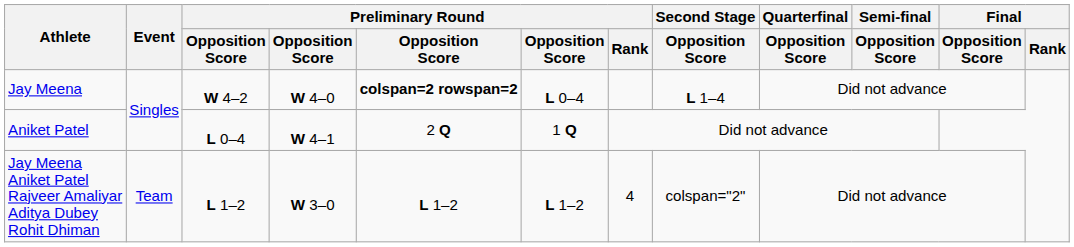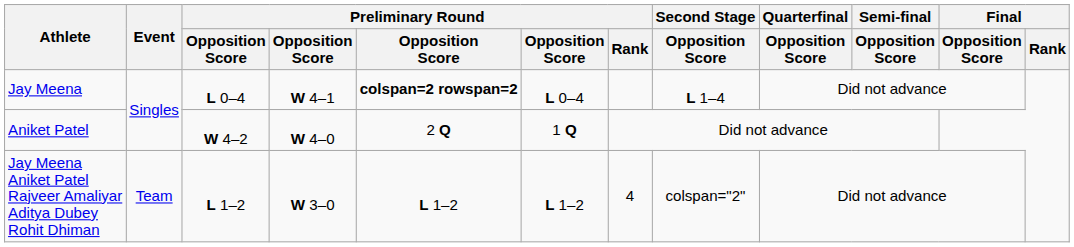 <table class=wikitable style=font-size:90%;text-align:center>
 <tr>
 <th rowspan="2">Athlete</th>
 <th rowspan="2">Event</th>
 <th colspan="5">Preliminary Round</th>
 <th>Second Stage</th>
 <th>Quarterfinal</th>
 <th>Semi-final</th>
 <th colspan="2">Final</th>
 </tr>
 <tr>
 <th>Opposition<br>Score</th>
 <th>Opposition<br>Score</th>
 <th>Opposition<br>Score</th>
 <th>Opposition<br>Score</th>
 <th>Rank</th>
 <th>Opposition<br>Score</th>
 <th>Opposition<br>Score</th>
 <th>Opposition<br>Score</th>
 <th>Opposition<br>Score</th>
 <th>Rank</th>
 </tr>
 <tr>
 <td align=left><a href='#'>Jay Meena</a></td>
 <td rowspan="2"><a href='#'>Singles</a></td>
-<td><br><strong>W</strong> 4–2</td>
-<td><br><strong>W</strong> 4–0</td>
+<td><br><strong>L</strong> 0–4</td>
+<td><br><strong>W</strong> 4–1</td>
 <td><strong>colspan=2 rowspan=2 </strong></td>
 <td><br><strong>L</strong> 0–4</td>
 <td></td>
 <td><br><strong>L</strong> 1–4</td>
 <td colspan="3">Did not advance</td>
 </tr>
 <tr>
 <td align=left><a href='#'>Aniket Patel</a></td>
-<td><br><strong>L</strong> 0–4</td>
-<td><br><strong>W</strong> 4–1</td>
+<td><br><strong>W</strong> 4–2</td>
+<td><br><strong>W</strong> 4–0</td>
 <td>2 <strong>Q</strong></td>
 <td>1 <strong>Q</strong></td>
 <td colspan="4">Did not advance</td>
 </tr>
 <tr>
 <td align=left><a href='#'>Jay Meena</a><br><a href='#'>Aniket Patel</a><br><a href='#'>Rajveer Amaliyar</a><br><a href='#'>Aditya Dubey</a><br><a href='#'>Rohit Dhiman</a></td>
 <td><a href='#'>Team</a></td>
 <td><br><strong>L</strong> 1–2</td>
 <td><br><strong>W</strong> 3–0</td>
 <td><br><strong>L</strong> 1–2</td>
 <td><br><strong>L</strong> 1–2</td>
 <td>4</td>
 <td>colspan="2" </td>
 <td colspan="3">Did not advance</td>
 </tr>
 </table>
